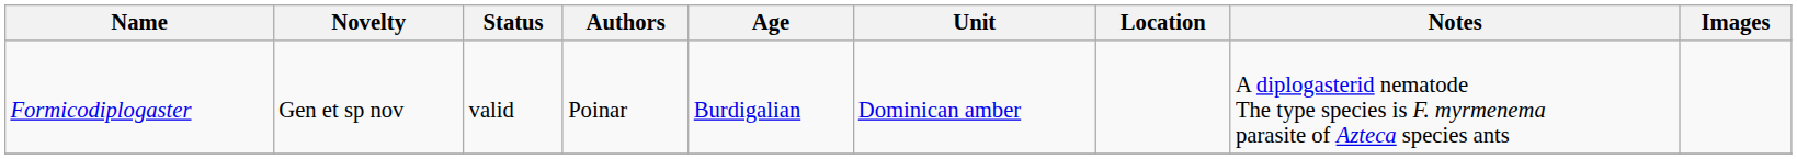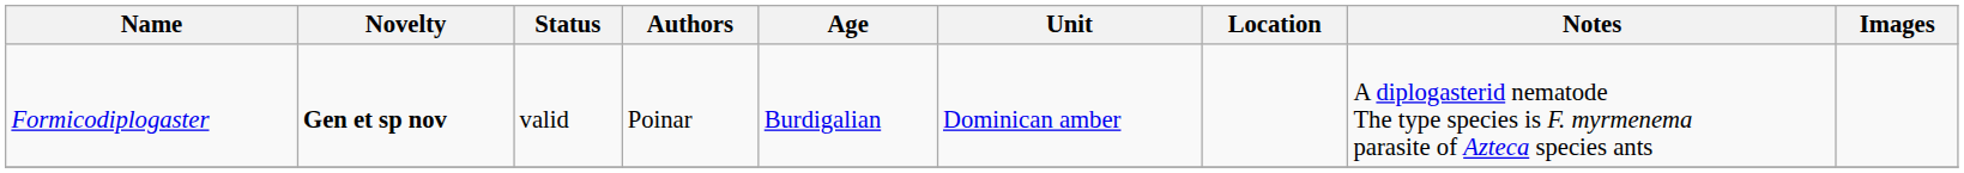 <table class="wikitable sortable" align="center" width="100%">
 <tr>
 <th>Name</th>
 <th>Novelty</th>
 <th>Status</th>
 <th>Authors</th>
 <th>Age</th>
 <th>Unit</th>
 <th>Location</th>
 <th>Notes</th>
 <th>Images</th>
 </tr>
 <tr>
 <td><br><em><a href='#'>Formicodiplogaster</a></em></td>
-<td><br>Gen et sp nov</td>
+<td><strong><br>Gen et sp nov</strong></td>
 <td><br>valid</td>
 <td><br>Poinar</td>
 <td><br><a href='#'>Burdigalian</a></td>
 <td><br><a href='#'>Dominican amber</a></td>
 <td><br></td>
 <td><br>A <a href='#'>diplogasterid</a> nematode<br> The type species is <em>F. myrmenema</em><br> parasite of <em><a href='#'>Azteca</a></em> species ants</td>
 <td><br></td>
 </tr>
 <tr>
 </tr>
 </table>
